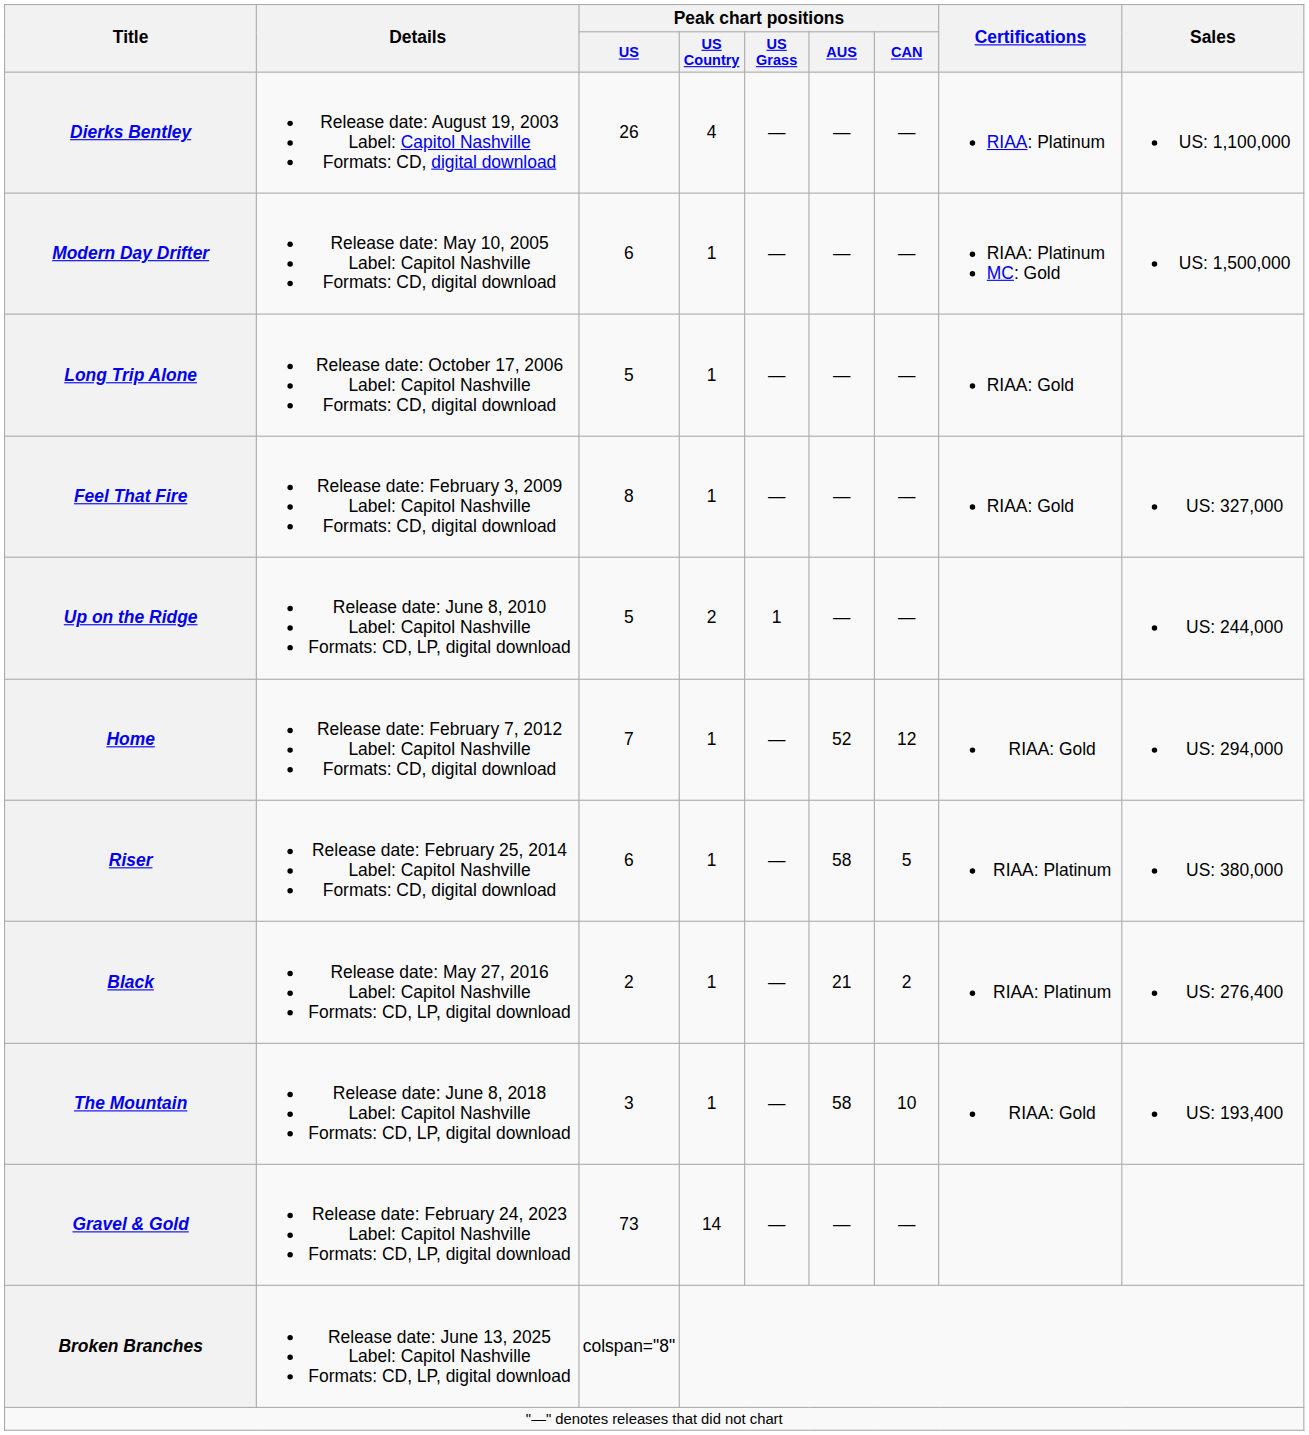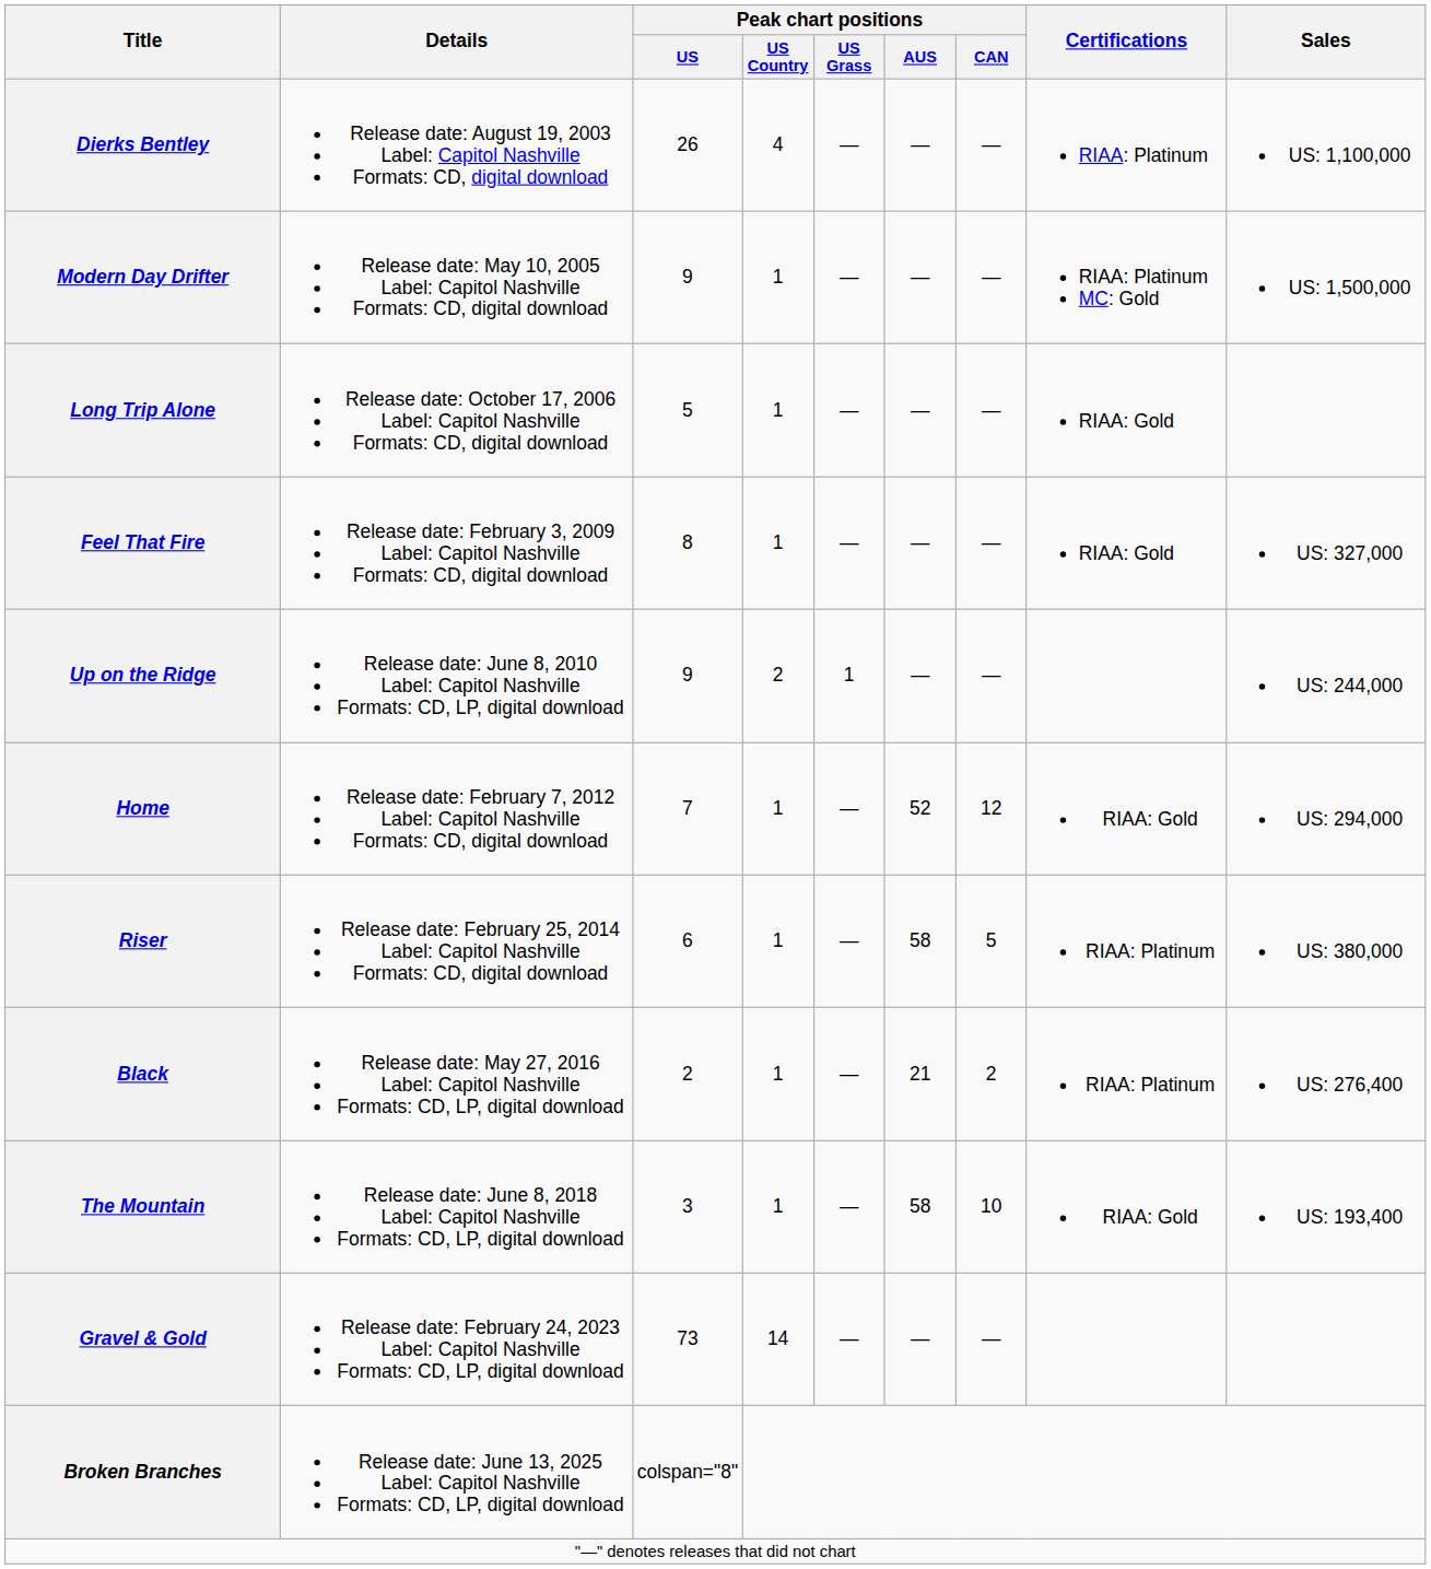 <table class="wikitable plainrowheaders" style="text-align:center;">
 <tr>
 <th scope="col" rowspan="2" style="width:14em;">Title</th>
 <th scope="col" rowspan="2" style="width:18em;">Details</th>
 <th scope="col" colspan="5">Peak chart positions</th>
 <th scope="col" rowspan="2" style="width:10em;"><a href='#'>Certifications</a><br></th>
 <th scope="col" rowspan="2" style="width:10em;">Sales</th>
 </tr>
 <tr style="font-size:smaller;">
 <th scope="col" style="width:4em;"><a href='#'>US</a><br></th>
 <th scope="col" style="width:4em;"><a href='#'>US Country</a><br></th>
 <th scope="col" style="width:4em;"><a href='#'>US Grass</a><br></th>
 <th scope="col" style="width:4em;"><a href='#'>AUS</a><br></th>
 <th scope="col" style="width:4em;"><a href='#'>CAN</a><br></th>
 </tr>
 <tr>
 <th scope="row"><em><a href='#'>Dierks Bentley</a></em></th>
 <td><br><ul><li>Release date: August 19, 2003</li><li>Label: <a href='#'>Capitol Nashville</a></li><li>Formats: CD, <a href='#'>digital download</a></li></ul></td>
 <td>26</td>
 <td>4</td>
 <td>—</td>
 <td>—</td>
 <td>—</td>
 <td align="left"><br><ul><li><a href='#'>RIAA</a>: Platinum</li></ul></td>
 <td><br><ul><li>US: 1,100,000</li></ul></td>
 </tr>
 <tr>
 <th scope="row"><em><a href='#'>Modern Day Drifter</a></em></th>
 <td><br><ul><li>Release date: May 10, 2005</li><li>Label: Capitol Nashville</li><li>Formats: CD, digital download</li></ul></td>
-<td>6</td>
+<td>9</td>
 <td>1</td>
 <td>—</td>
 <td>—</td>
 <td>—</td>
 <td align="left"><br><ul><li>RIAA: Platinum</li><li><a href='#'>MC</a>: Gold</li></ul></td>
 <td><br><ul><li>US: 1,500,000</li></ul></td>
 </tr>
 <tr>
 <th scope="row"><em><a href='#'>Long Trip Alone</a></em></th>
 <td><br><ul><li>Release date: October 17, 2006</li><li>Label: Capitol Nashville</li><li>Formats: CD, digital download</li></ul></td>
 <td>5</td>
 <td>1</td>
 <td>—</td>
 <td>—</td>
 <td>—</td>
 <td align="left"><br><ul><li>RIAA: Gold</li></ul></td>
 <td></td>
 </tr>
 <tr>
 <th scope="row"><em><a href='#'>Feel That Fire</a></em></th>
 <td><br><ul><li>Release date: February 3, 2009</li><li>Label: Capitol Nashville</li><li>Formats: CD, digital download</li></ul></td>
 <td>8</td>
 <td>1</td>
 <td>—</td>
 <td>—</td>
 <td>—</td>
 <td align="left"><br><ul><li>RIAA: Gold</li></ul></td>
 <td><br><ul><li>US: 327,000</li></ul></td>
 </tr>
 <tr>
 <th scope="row"><em><a href='#'>Up on the Ridge</a></em></th>
 <td><br><ul><li>Release date: June 8, 2010</li><li>Label: Capitol Nashville</li><li>Formats: CD, LP, digital download</li></ul></td>
-<td>5</td>
+<td>9</td>
 <td>2</td>
 <td>1</td>
 <td>—</td>
 <td>—</td>
 <td></td>
 <td><br><ul><li>US: 244,000</li></ul></td>
 </tr>
 <tr>
 <th scope="row"><em><a href='#'>Home</a></em></th>
 <td><br><ul><li>Release date: February 7, 2012</li><li>Label: Capitol Nashville</li><li>Formats: CD, digital download</li></ul></td>
 <td>7</td>
 <td>1</td>
 <td>—</td>
 <td>52</td>
 <td>12</td>
 <td><br><ul><li>RIAA: Gold</li></ul></td>
 <td><br><ul><li>US: 294,000</li></ul></td>
 </tr>
 <tr>
 <th scope="row"><em><a href='#'>Riser</a></em></th>
 <td><br><ul><li>Release date: February 25, 2014</li><li>Label: Capitol Nashville</li><li>Formats: CD, digital download</li></ul></td>
 <td>6</td>
 <td>1</td>
 <td>—</td>
 <td>58</td>
 <td>5</td>
 <td><br><ul><li>RIAA: Platinum</li></ul></td>
 <td><br><ul><li>US: 380,000</li></ul></td>
 </tr>
 <tr>
 <th scope="row"><em><a href='#'>Black</a></em></th>
 <td><br><ul><li>Release date: May 27, 2016</li><li>Label: Capitol Nashville</li><li>Formats: CD, LP, digital download</li></ul></td>
 <td>2</td>
 <td>1</td>
 <td>—</td>
 <td>21</td>
 <td>2</td>
 <td><br><ul><li>RIAA: Platinum</li></ul></td>
 <td><br><ul><li>US: 276,400</li></ul></td>
 </tr>
 <tr>
 <th scope="row"><em><a href='#'>The Mountain</a></em></th>
 <td><br><ul><li>Release date: June 8, 2018</li><li>Label: Capitol Nashville</li><li>Formats: CD, LP, digital download</li></ul></td>
 <td>3</td>
 <td>1</td>
 <td>—</td>
 <td>58</td>
 <td>10</td>
 <td><br><ul><li>RIAA: Gold</li></ul></td>
 <td><br><ul><li>US: 193,400</li></ul></td>
 </tr>
 <tr>
 <th scope="row"><em><a href='#'>Gravel & Gold</a></em></th>
 <td><br><ul><li>Release date: February 24, 2023</li><li>Label: Capitol Nashville</li><li>Formats: CD, LP, digital download</li></ul></td>
 <td>73</td>
 <td>14</td>
 <td>—</td>
 <td>—</td>
 <td>—</td>
 <td></td>
 <td></td>
 </tr>
 <tr>
 <th scope="row"><em>Broken Branches</em></th>
 <td><br><ul><li>Release date: June 13, 2025</li><li>Label: Capitol Nashville</li><li>Formats: CD, LP, digital download</li></ul></td>
 <td>colspan="8" </td>
 </tr>
 <tr>
 <td colspan="10" style="font-size:85%">"—" denotes releases that did not chart</td>
 </tr>
 </table>
